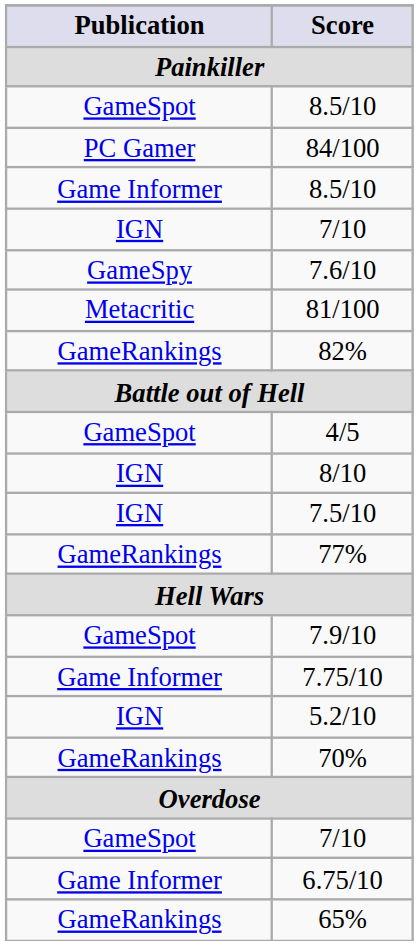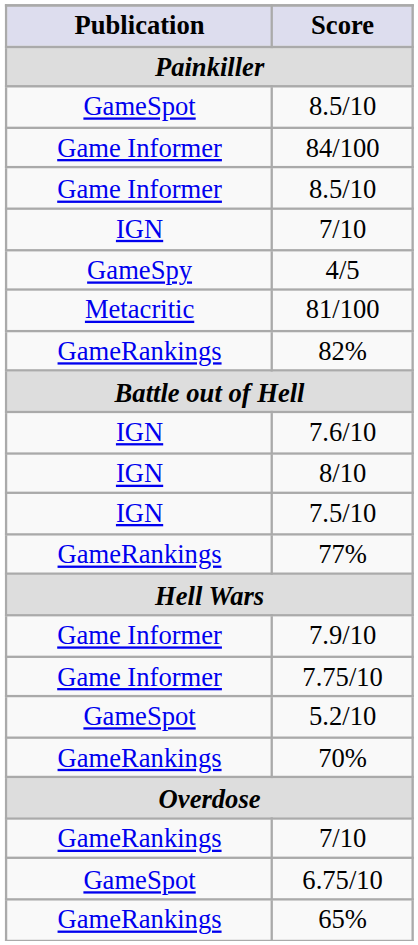 <table class="wikitable" style="font-size:72%; float:right; text-align:center; width:20%; margin: 4px;">
 <tr>
 </tr>
 <tr>
 <th style="background:#dde;">Publication</th>
 <th style="background:#dde;">Score</th>
 </tr>
 <tr>
 <td colspan="2" style="background:#ddd;"><strong><em>Painkiller</em></strong></td>
 </tr>
 <tr>
 <td><a href='#'>GameSpot</a></td>
 <td>8.5/10</td>
 </tr>
 <tr>
-<td><a href='#'>PC Gamer</a></td>
+<td><a href='#'>Game Informer</a></td>
 <td>84/100</td>
 </tr>
 <tr>
 <td><a href='#'>Game Informer</a></td>
 <td>8.5/10</td>
 </tr>
 <tr>
 <td><a href='#'>IGN</a></td>
 <td>7/10</td>
 </tr>
 <tr>
 <td><a href='#'>GameSpy</a></td>
-<td>7.6/10</td>
+<td>4/5</td>
 </tr>
 <tr>
 <td><a href='#'>Metacritic</a></td>
 <td>81/100</td>
 </tr>
 <tr>
 <td><a href='#'>GameRankings</a></td>
 <td>82%</td>
 </tr>
 <tr>
 <td colspan="2" style="background:#ddd;"><strong><em>Battle out of Hell</em></strong></td>
 </tr>
 <tr>
-<td><a href='#'>GameSpot</a></td>
-<td>4/5</td>
+<td><a href='#'>IGN</a></td>
+<td>7.6/10</td>
 </tr>
 <tr>
 <td><a href='#'>IGN</a></td>
 <td>8/10</td>
 </tr>
 <tr>
 <td><a href='#'>IGN</a></td>
 <td>7.5/10</td>
 </tr>
 <tr>
 <td><a href='#'>GameRankings</a></td>
 <td>77%</td>
 </tr>
 <tr>
 <td colspan="2" style="background:#ddd;"><strong><em>Hell Wars</em></strong></td>
 </tr>
 <tr>
-<td><a href='#'>GameSpot</a></td>
+<td><a href='#'>Game Informer</a></td>
 <td>7.9/10</td>
 </tr>
 <tr>
 <td><a href='#'>Game Informer</a></td>
 <td>7.75/10</td>
 </tr>
 <tr>
-<td><a href='#'>IGN</a></td>
+<td><a href='#'>GameSpot</a></td>
 <td>5.2/10</td>
 </tr>
 <tr>
 <td><a href='#'>GameRankings</a></td>
 <td>70%</td>
 </tr>
 <tr>
 <td colspan="2" style="background:#ddd;"><strong><em>Overdose</em></strong></td>
 </tr>
 <tr>
-<td><a href='#'>GameSpot</a></td>
+<td><a href='#'>GameRankings</a></td>
 <td>7/10</td>
 </tr>
 <tr>
-<td><a href='#'>Game Informer</a></td>
+<td><a href='#'>GameSpot</a></td>
 <td>6.75/10</td>
 </tr>
 <tr>
 <td><a href='#'>GameRankings</a></td>
 <td>65%</td>
 </tr>
 </table>
